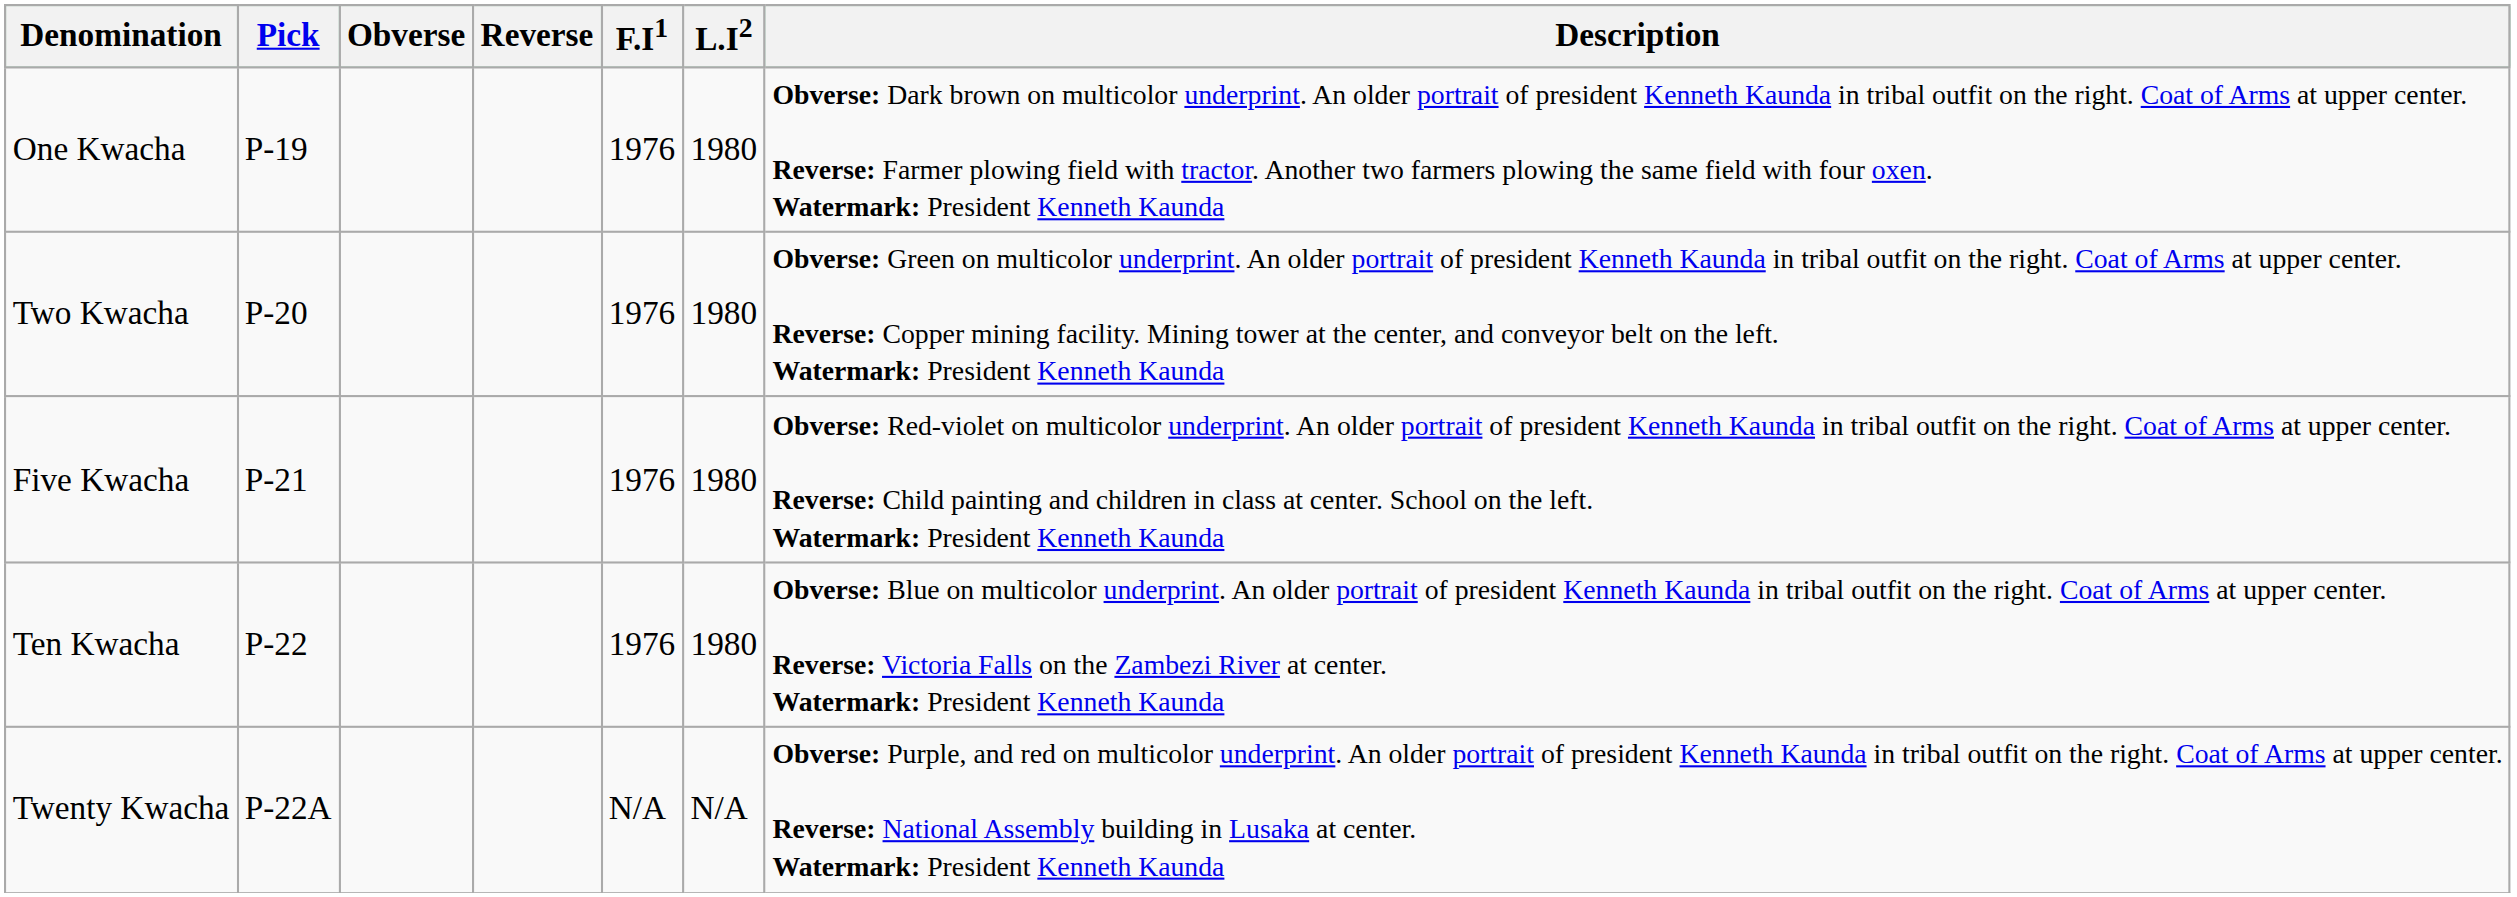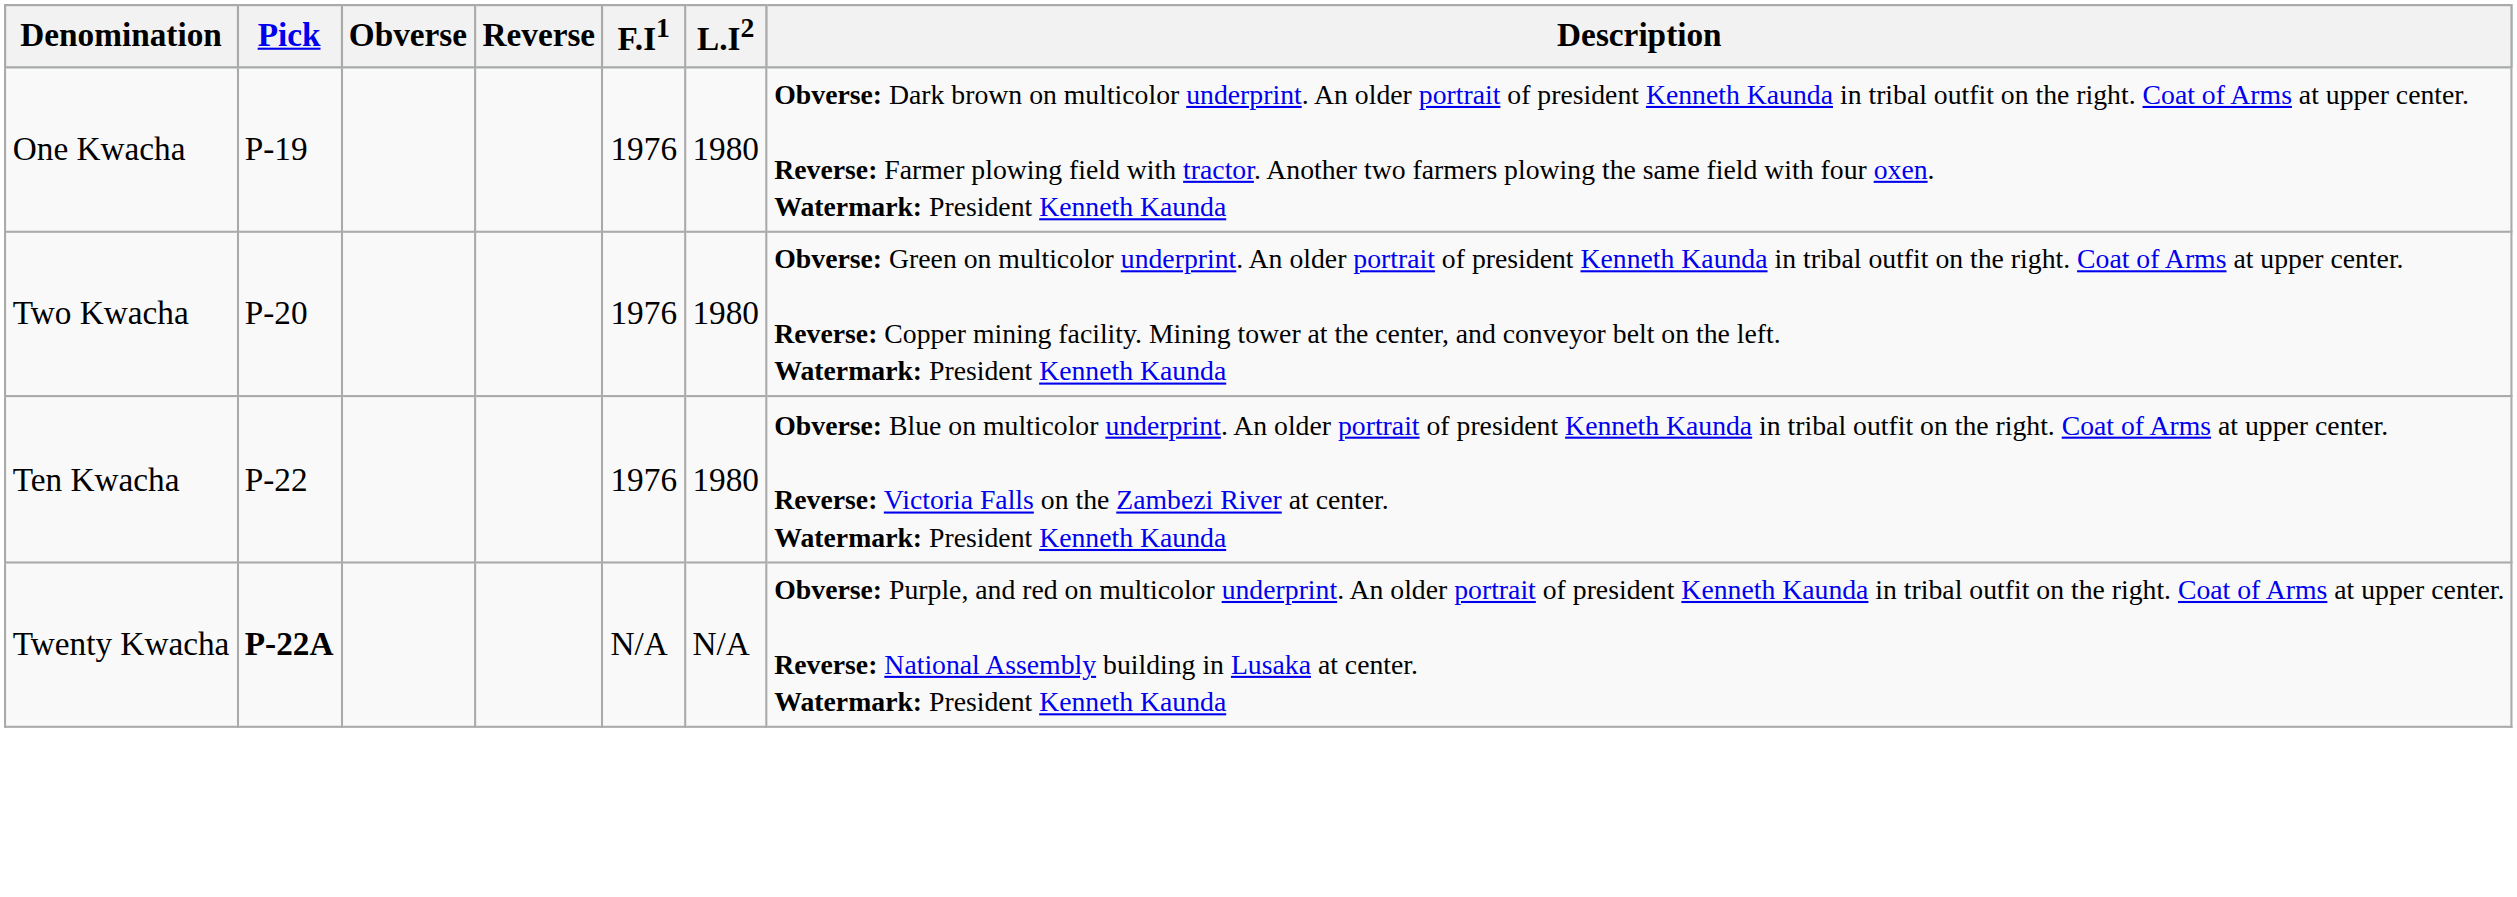 <table class="wikitable">
 <tr style="background:#2E8B57;">
 <th>Denomination</th>
 <th><a href='#'>Pick</a></th>
 <th>Obverse</th>
 <th>Reverse</th>
 <th>F.I<sup>1</sup></th>
 <th>L.I<sup>2</sup></th>
 <th>Description</th>
 </tr>
 <tr>
 <td>One Kwacha</td>
 <td>P-19</td>
 <td></td>
 <td></td>
 <td>1976</td>
 <td>1980</td>
 <td><small><strong>Obverse:</strong> Dark brown on multicolor <a href='#'>underprint</a>. An older <a href='#'>portrait</a> of president <a href='#'>Kenneth Kaunda</a> in tribal outfit on the right. <a href='#'>Coat of Arms</a> at upper center.</small><br><br><small><strong>Reverse:</strong> Farmer plowing field with <a href='#'>tractor</a>. Another two farmers plowing the same field with four <a href='#'>oxen</a>.</small><br> <small><strong>Watermark:</strong> President <a href='#'>Kenneth Kaunda</a></small></td>
 </tr>
 <tr>
 <td>Two Kwacha</td>
 <td>P-20</td>
 <td></td>
 <td></td>
 <td>1976</td>
 <td>1980</td>
 <td><small><strong>Obverse:</strong> Green on multicolor <a href='#'>underprint</a>. An older <a href='#'>portrait</a> of president <a href='#'>Kenneth Kaunda</a> in tribal outfit on the right. <a href='#'>Coat of Arms</a> at upper center.</small><br><br><small><strong>Reverse:</strong> Copper mining facility. Mining tower at the center, and conveyor belt on the left.</small><br> <small><strong>Watermark:</strong> President <a href='#'>Kenneth Kaunda</a></small></td>
 </tr>
 <tr>
-<td>Five Kwacha</td>
-<td>P-21</td>
-<td></td>
-<td></td>
-<td>1976</td>
-<td>1980</td>
-<td><small><strong>Obverse:</strong> Red-violet on multicolor <a href='#'>underprint</a>. An older <a href='#'>portrait</a> of president <a href='#'>Kenneth Kaunda</a> in tribal outfit on the right. <a href='#'>Coat of Arms</a> at upper center.</small><br><br><small><strong>Reverse:</strong> Child painting and children in class at center. School on the left.</small><br> <small><strong>Watermark:</strong> President <a href='#'>Kenneth Kaunda</a></small></td>
-</tr>
-<tr>
 <td>Ten Kwacha</td>
 <td>P-22</td>
 <td></td>
 <td></td>
 <td>1976</td>
 <td>1980</td>
 <td><small><strong>Obverse:</strong> Blue on multicolor <a href='#'>underprint</a>. An older <a href='#'>portrait</a> of president <a href='#'>Kenneth Kaunda</a> in tribal outfit on the right. <a href='#'>Coat of Arms</a> at upper center.</small><br><br><small><strong>Reverse:</strong> <a href='#'>Victoria Falls</a> on the <a href='#'>Zambezi River</a> at center.</small><br> <small><strong>Watermark:</strong> President <a href='#'>Kenneth Kaunda</a></small></td>
 </tr>
 <tr>
 <td>Twenty Kwacha</td>
-<td>P-22A</td>
+<td><strong>P-22A</strong></td>
 <td></td>
 <td></td>
 <td>N/A</td>
 <td>N/A</td>
 <td><small><strong>Obverse:</strong> Purple, and red on multicolor <a href='#'>underprint</a>. An older <a href='#'>portrait</a> of president <a href='#'>Kenneth Kaunda</a> in tribal outfit on the right. <a href='#'>Coat of Arms</a> at upper center.</small><br><br><small><strong>Reverse:</strong> <a href='#'>National Assembly</a> building in <a href='#'>Lusaka</a> at center.</small><br> <small><strong>Watermark:</strong> President <a href='#'>Kenneth Kaunda</a></small></td>
 </tr>
 </table>
